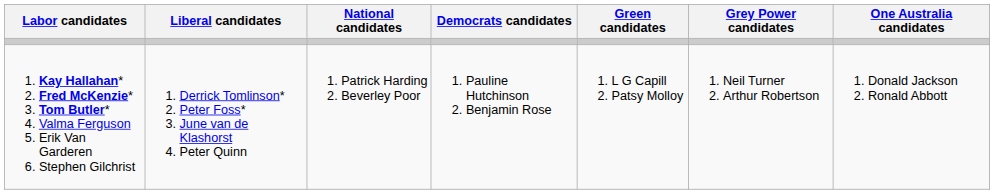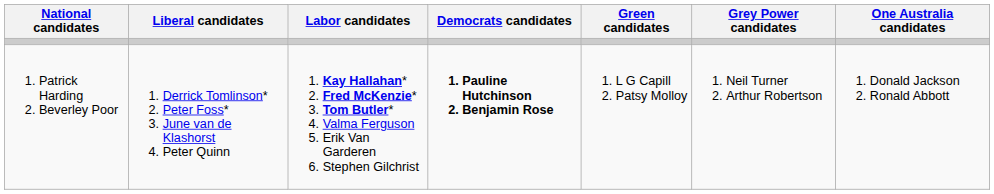 <table class="wikitable">
 <tr>
+<th><a href='#'>National</a> candidates</th>
+<th><a href='#'>Liberal</a> candidates</th>
 <th><a href='#'>Labor</a> candidates</th>
-<th><a href='#'>Liberal</a> candidates</th>
-<th><a href='#'>National</a> candidates</th>
 <th><a href='#'>Democrats</a> candidates</th>
 <th><a href='#'>Green</a> candidates</th>
 <th><a href='#'>Grey Power</a> candidates</th>
 <th><a href='#'>One Australia</a> candidates</th>
 </tr>
 <tr bgcolor="#cccccc">
 <td></td>
 <td></td>
 <td></td>
 <td></td>
 <td></td>
 <td></td>
 <td></td>
 </tr>
 <tr>
+<td valign=top><br><ol><li>Patrick Harding</li><li>Beverley Poor</li></ol></td>
+<td><br><ol><li><a href='#'>Derrick Tomlinson</a>*</li><li><a href='#'>Peter Foss</a>*</li><li><a href='#'>June van de Klashorst</a></li><li>Peter Quinn</li></ol></td>
 <td><br><ol><li><strong><a href='#'>Kay Hallahan</a></strong>*</li><li><strong><a href='#'>Fred McKenzie</a></strong>*</li><li><strong><a href='#'>Tom Butler</a></strong>*</li><li><a href='#'>Valma Ferguson</a></li><li>Erik Van Garderen</li><li>Stephen Gilchrist</li></ol></td>
-<td><br><ol><li><a href='#'>Derrick Tomlinson</a>*</li><li><a href='#'>Peter Foss</a>*</li><li><a href='#'>June van de Klashorst</a></li><li>Peter Quinn</li></ol></td>
-<td valign=top><br><ol><li>Patrick Harding</li><li>Beverley Poor</li></ol></td>
-<td valign=top><br><ol><li>Pauline Hutchinson</li><li>Benjamin Rose</li></ol></td>
+<td valign=top><strong><br><ol><li>Pauline Hutchinson</li><li>Benjamin Rose</li></ol></strong></td>
 <td valign=top><br><ol><li>L G Capill</li><li>Patsy Molloy</li></ol></td>
 <td valign=top><br><ol><li>Neil Turner</li><li>Arthur Robertson</li></ol></td>
 <td valign=top><br><ol><li>Donald Jackson</li><li>Ronald Abbott</li></ol></td>
 </tr>
 </table>
